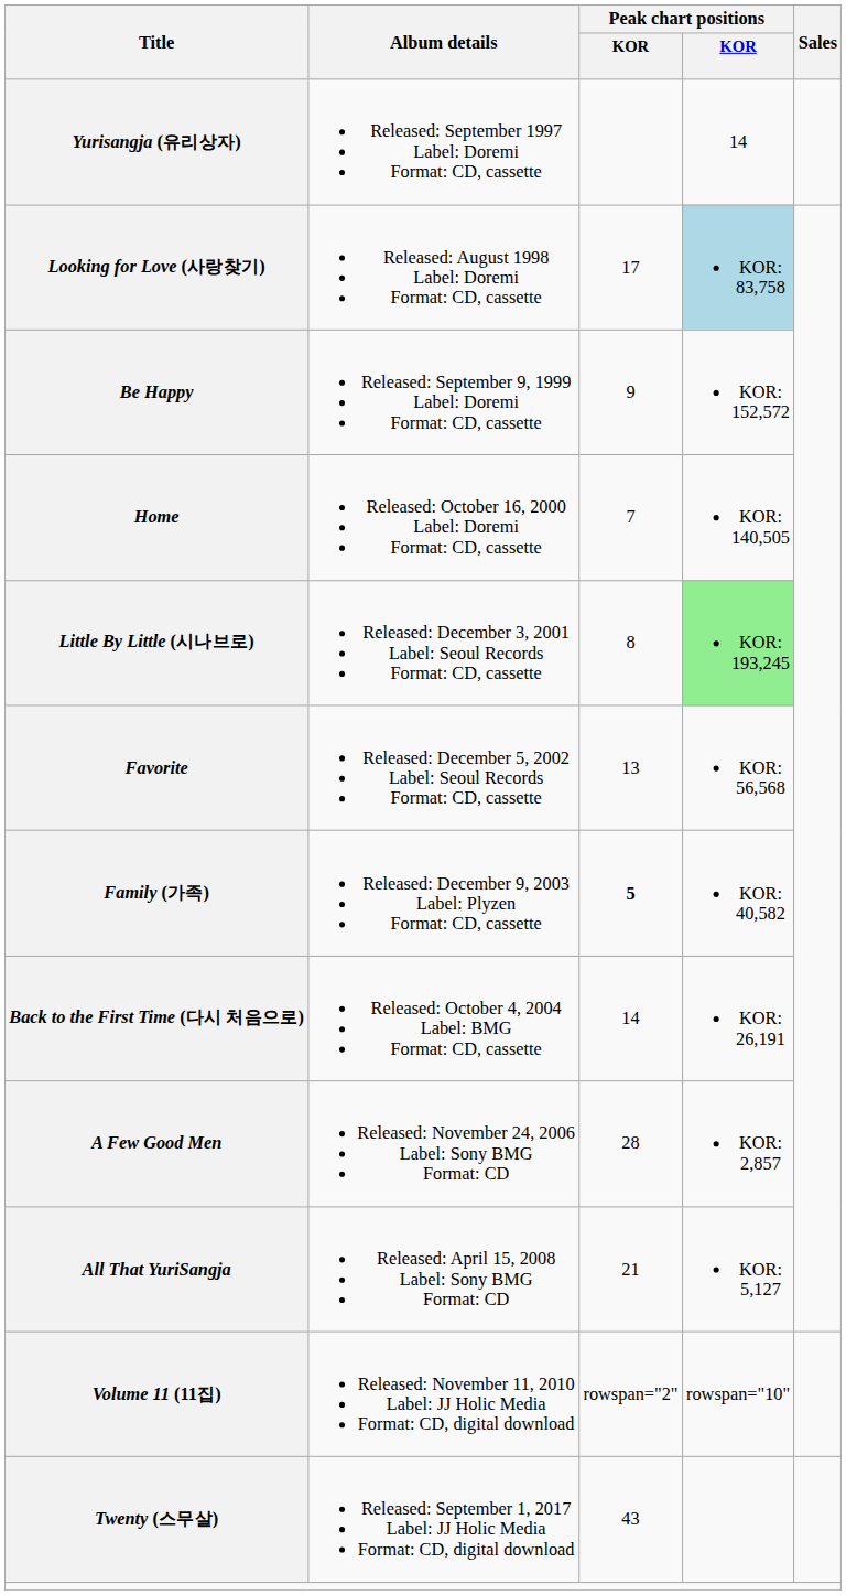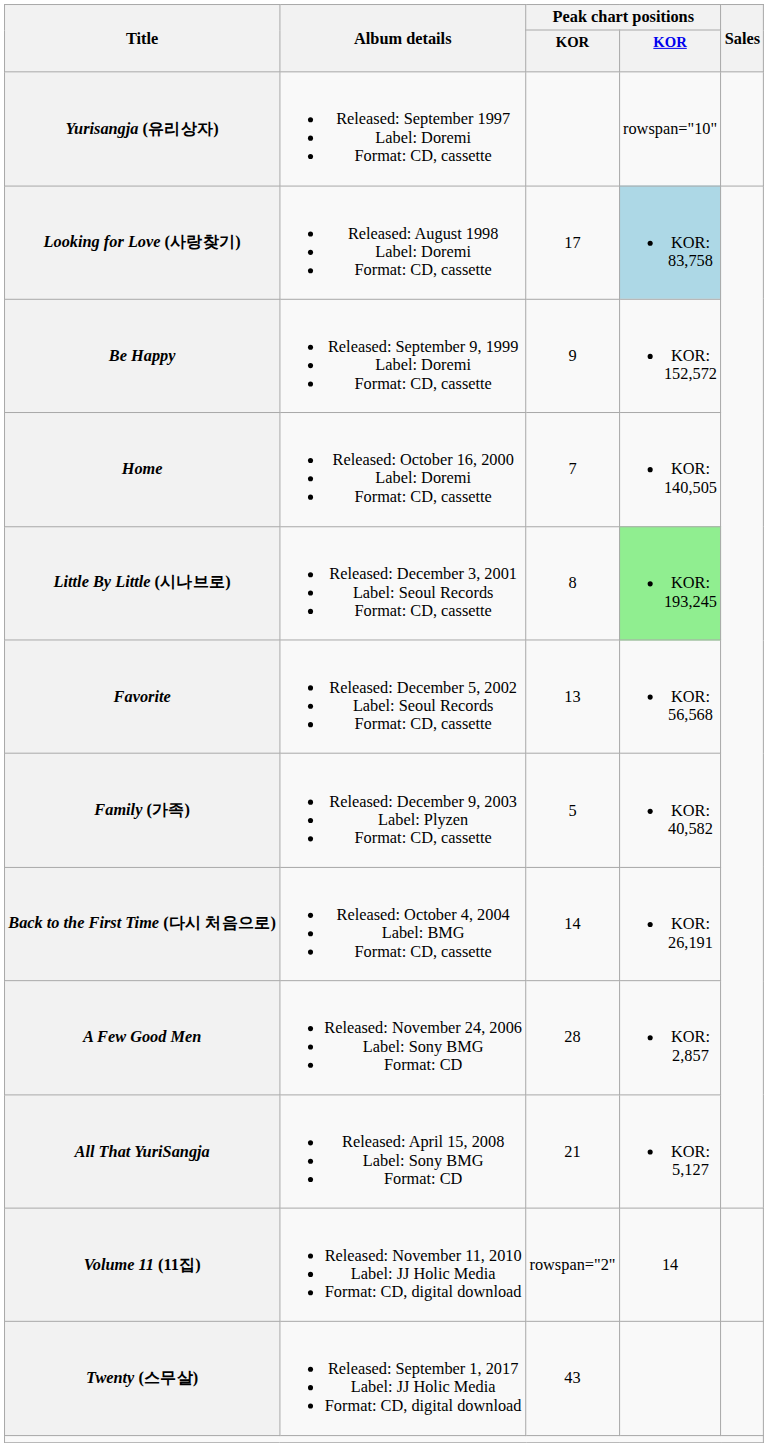 <table class="wikitable plainrowheaders" style="text-align:center;">
 <tr>
 <th rowspan="2" scope="col">Title</th>
 <th rowspan="2" scope="col">Album details</th>
 <th colspan="2" scope="col">Peak chart positions</th>
 <th rowspan="2" scope="col">Sales</th>
 </tr>
 <tr>
 <th scope="col" style="width:2.5em;font-size:90%;">KOR<br><br></th>
 <th scope="col" style="width:2.5em;font-size:90%;"><a href='#'>KOR<br></a><br></th>
 </tr>
 <tr>
 <th scope="row"><em>Yurisangja</em> (유리상자)</th>
 <td><br><ul><li>Released: September 1997</li><li>Label: Doremi</li><li>Format: CD, cassette</li></ul></td>
 <td></td>
-<td>14</td>
+<td>rowspan="10" </td>
 <td></td>
 </tr>
 <tr>
 <th scope="row"><em>Looking for Love</em> (사랑찾기)</th>
 <td><br><ul><li>Released: August 1998</li><li>Label: Doremi</li><li>Format: CD, cassette</li></ul></td>
 <td>17</td>
 <td style="background: lightblue;"><br><ul><li>KOR: 83,758</li></ul></td>
 </tr>
 <tr>
 <th scope="row"><em>Be Happy</em></th>
 <td><br><ul><li>Released: September 9, 1999</li><li>Label: Doremi</li><li>Format: CD, cassette</li></ul></td>
 <td>9</td>
 <td><br><ul><li>KOR: 152,572</li></ul></td>
 </tr>
 <tr>
 <th scope="row"><em>Home</em></th>
 <td><br><ul><li>Released: October 16, 2000</li><li>Label: Doremi</li><li>Format: CD, cassette</li></ul></td>
 <td>7</td>
 <td><br><ul><li>KOR: 140,505</li></ul></td>
 </tr>
 <tr>
 <th scope="row"><em>Little By Little</em> (시나브로)</th>
 <td><br><ul><li>Released: December 3, 2001</li><li>Label: Seoul Records</li><li>Format: CD, cassette</li></ul></td>
 <td>8</td>
 <td style="background: lightgreen;"><br><ul><li>KOR: 193,245</li></ul></td>
 </tr>
 <tr>
 <th scope="row"><em>Favorite</em></th>
 <td><br><ul><li>Released: December 5, 2002</li><li>Label: Seoul Records</li><li>Format: CD, cassette</li></ul></td>
 <td>13</td>
 <td><br><ul><li>KOR: 56,568</li></ul></td>
 </tr>
 <tr>
 <th scope="row"><em>Family</em> (가족)</th>
 <td><br><ul><li>Released: December 9, 2003</li><li>Label: Plyzen</li><li>Format: CD, cassette</li></ul></td>
-<td><strong>5</strong></td>
+<td>5</td>
 <td><br><ul><li>KOR: 40,582</li></ul></td>
 </tr>
 <tr>
 <th scope="row"><em>Back to the First Time</em> (다시 처음으로)</th>
 <td><br><ul><li>Released: October 4, 2004</li><li>Label: BMG</li><li>Format: CD, cassette</li></ul></td>
 <td>14</td>
 <td><br><ul><li>KOR: 26,191</li></ul></td>
 </tr>
 <tr>
 <th scope="row"><em>A Few Good Men</em></th>
 <td><br><ul><li>Released: November 24, 2006</li><li>Label: Sony BMG</li><li>Format: CD</li></ul></td>
 <td>28</td>
 <td><br><ul><li>KOR: 2,857</li></ul></td>
 </tr>
 <tr>
 <th scope="row"><em>All That YuriSangja</em></th>
 <td><br><ul><li>Released: April 15, 2008</li><li>Label: Sony BMG</li><li>Format: CD</li></ul></td>
 <td>21</td>
 <td><br><ul><li>KOR: 5,127</li></ul></td>
 </tr>
 <tr>
 <th scope="row"><em>Volume 11</em> (11집)</th>
 <td><br><ul><li>Released: November 11, 2010</li><li>Label: JJ Holic Media</li><li>Format: CD, digital download</li></ul></td>
 <td>rowspan="2" </td>
-<td>rowspan="10" </td>
+<td>14</td>
 <td></td>
 </tr>
 <tr>
 <th scope="row"><em>Twenty</em> (스무살)</th>
 <td><br><ul><li>Released: September 1, 2017</li><li>Label: JJ Holic Media</li><li>Format: CD, digital download</li></ul></td>
 <td>43</td>
 <td></td>
 </tr>
 <tr>
 <td colspan="5"></td>
 </tr>
 </table>
